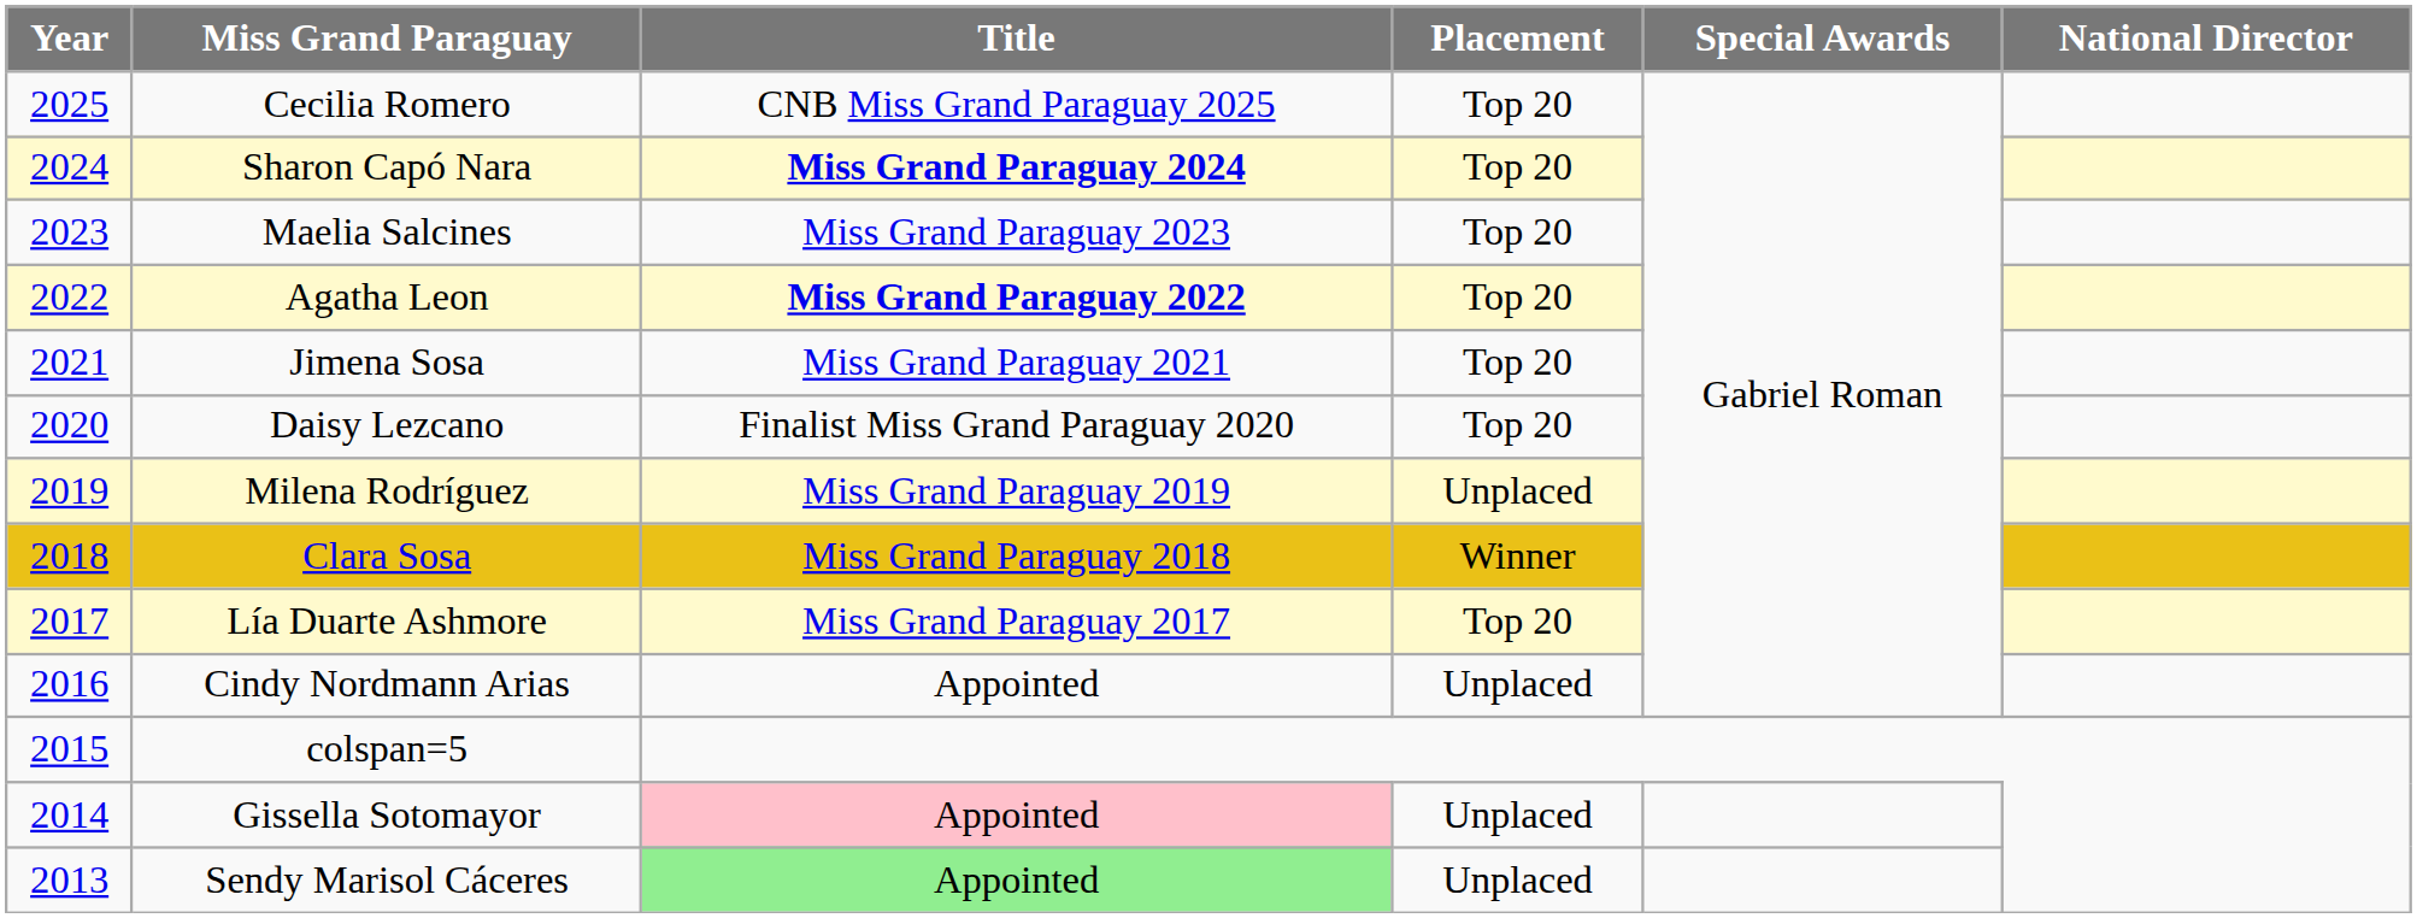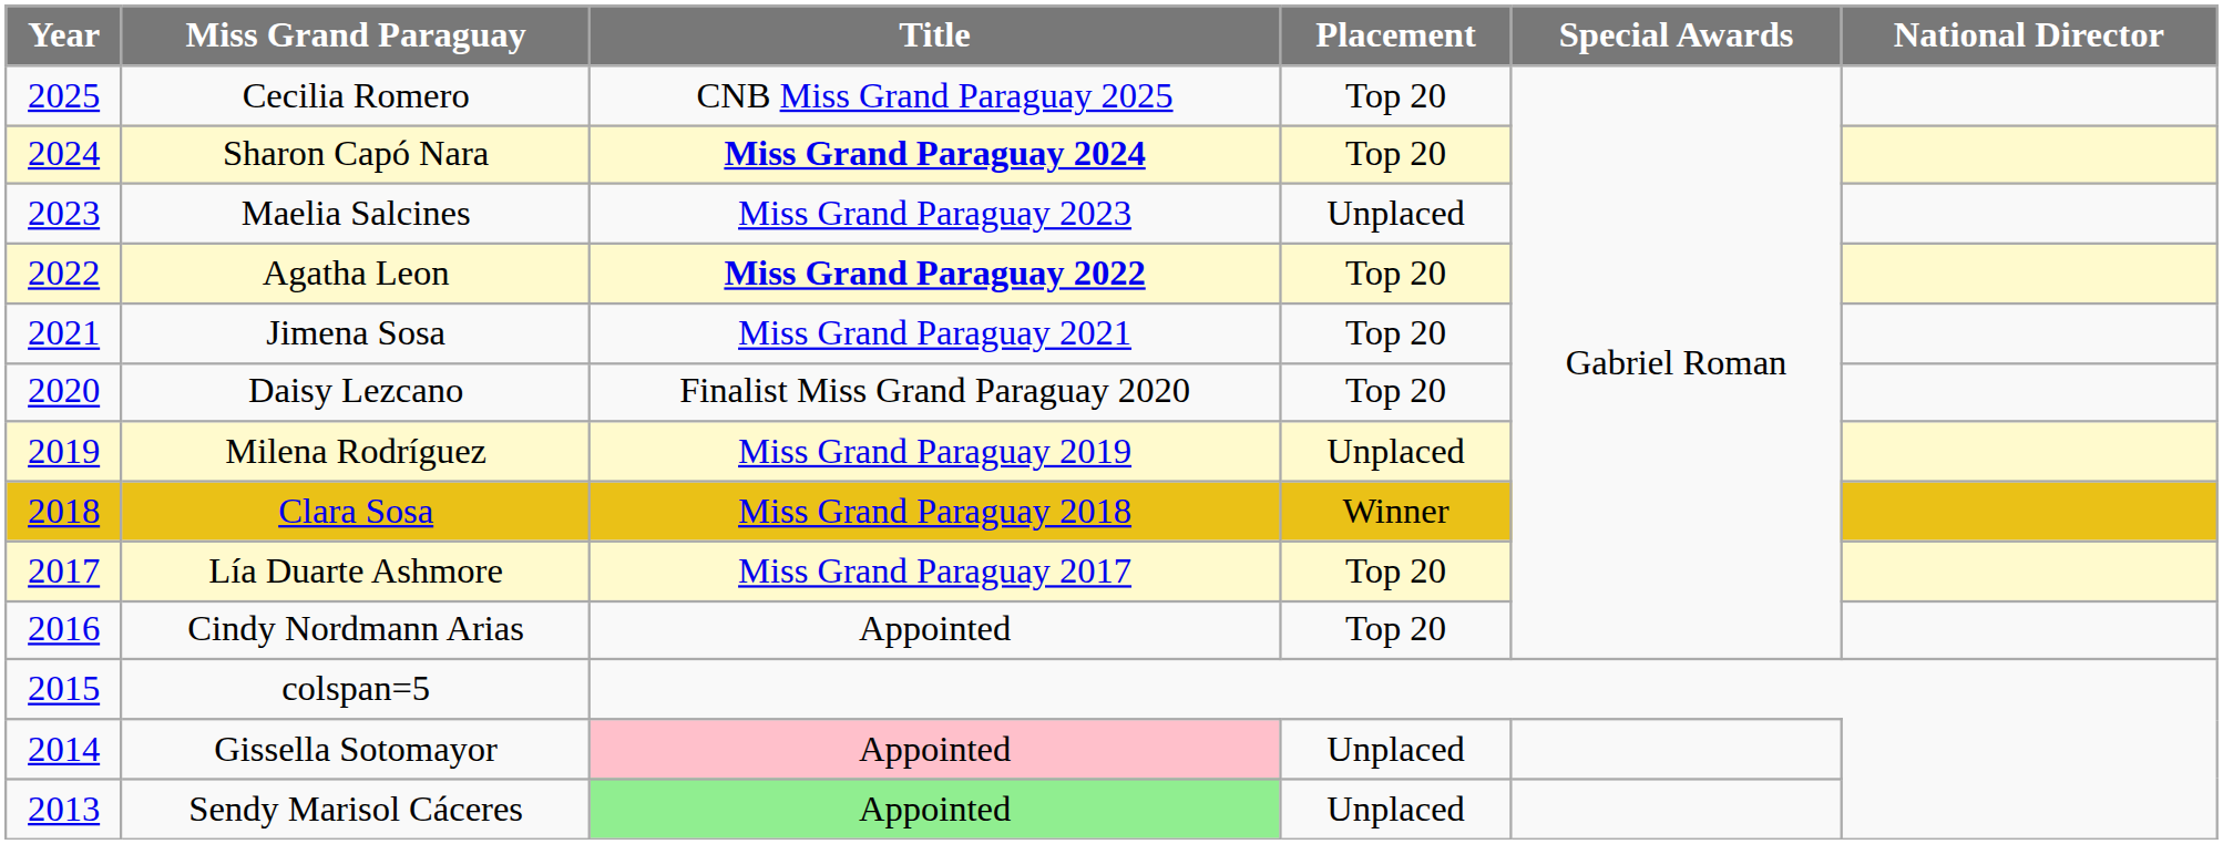 <table class="wikitable" style="font-size: 90%; text-align:center; width:100%">
 <tr>
 <th style="background-color:#787878;color:#FFFFFF;">Year</th>
 <th style="background-color:#787878;color:#FFFFFF;">Miss Grand Paraguay</th>
 <th style="background-color:#787878;color:#FFFFFF;">Title</th>
 <th style="background-color:#787878;color:#FFFFFF;">Placement</th>
 <th style="background-color:#787878;color:#FFFFFF;">Special Awards</th>
 <th style="background-color:#787878;color:#FFFFFF;">National Director</th>
 </tr>
 <tr>
 <td><a href='#'>2025</a></td>
 <td>Cecilia Romero</td>
 <td>CNB <a href='#'>Miss Grand Paraguay 2025</a></td>
 <td>Top 20</td>
 <td rowspan=10>Gabriel Roman</td>
 </tr>
 <tr bgcolor=#FFFACD>
 <td><a href='#'>2024</a></td>
 <td>Sharon Capó Nara</td>
 <td><strong><a href='#'>Miss Grand Paraguay 2024</a></strong></td>
 <td>Top 20</td>
 <td></td>
 </tr>
 <tr>
 <td><a href='#'>2023</a></td>
 <td>Maelia Salcines</td>
 <td><a href='#'>Miss Grand Paraguay 2023</a></td>
-<td>Top 20</td>
+<td>Unplaced</td>
 <td></td>
 </tr>
 <tr bgcolor=#FFFACD>
 <td><a href='#'>2022</a></td>
 <td>Agatha Leon</td>
 <td><strong><a href='#'>Miss Grand Paraguay 2022</a></strong></td>
 <td>Top 20</td>
 <td></td>
 </tr>
 <tr>
 <td><a href='#'>2021</a></td>
 <td>Jimena Sosa</td>
 <td><a href='#'>Miss Grand Paraguay 2021</a></td>
 <td>Top 20</td>
 <td></td>
 </tr>
 <tr>
 <td><a href='#'>2020</a></td>
 <td>Daisy Lezcano</td>
 <td>Finalist Miss Grand Paraguay 2020</td>
 <td>Top 20</td>
 <td></td>
 </tr>
 <tr bgcolor=#FFFACD>
 <td><a href='#'>2019</a></td>
 <td>Milena Rodríguez</td>
 <td><a href='#'>Miss Grand Paraguay 2019</a></td>
 <td>Unplaced</td>
 <td></td>
 </tr>
 <tr bgcolor=#EAC117>
 <td><a href='#'>2018</a></td>
 <td><a href='#'>Clara Sosa</a></td>
 <td><a href='#'>Miss Grand Paraguay 2018</a></td>
 <td>Winner</td>
 <td></td>
 </tr>
 <tr bgcolor=#FFFACD>
 <td><a href='#'>2017</a></td>
 <td>Lía Duarte Ashmore</td>
 <td><a href='#'>Miss Grand Paraguay 2017</a></td>
 <td>Top 20</td>
 <td></td>
 </tr>
 <tr>
 <td><a href='#'>2016</a></td>
 <td>Cindy Nordmann Arias</td>
 <td>Appointed</td>
-<td>Unplaced</td>
+<td>Top 20</td>
 <td></td>
 </tr>
 <tr>
 <td><a href='#'>2015</a></td>
 <td>colspan=5 </td>
 </tr>
 <tr>
 <td><a href='#'>2014</a></td>
 <td>Gissella Sotomayor</td>
 <td style="background: pink;">Appointed</td>
 <td>Unplaced</td>
 <td></td>
 </tr>
 <tr>
 <td><a href='#'>2013</a></td>
 <td>Sendy Marisol Cáceres</td>
 <td style="background: lightgreen;">Appointed</td>
 <td>Unplaced</td>
 <td></td>
 </tr>
 </table>
